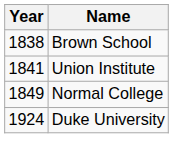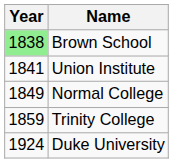 <table class="wikitable" style="float: left; margin: 0 1em">
 <tr>
 <th scope="col">Year</th>
 <th scope="col">Name</th>
 </tr>
 <tr>
-<td>1838</td>
+<td style="background: lightgreen;">1838</td>
 <td>Brown School</td>
 </tr>
 <tr>
 <td>1841</td>
 <td>Union Institute</td>
 </tr>
 <tr>
 <td>1849</td>
 <td>Normal College</td>
 </tr>
 <tr>
+<td>1859</td>
+<td>Trinity College</td>
+</tr>
+<tr>
 <td>1924</td>
 <td>Duke University</td>
 </tr>
 </table>
